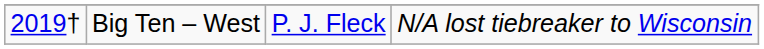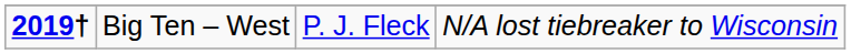 <table class="wikitable">
 <tr>
 </tr>
 <tr>
-<td><a href='#'>2019</a>†</td>
+<td><strong><a href='#'>2019</a>†</strong></td>
 <td>Big Ten – West</td>
 <td><a href='#'>P. J. Fleck</a></td>
 <td colspan="2"><em>N/A lost tiebreaker to <a href='#'>Wisconsin</a></em></td>
 </tr>
 </table>
